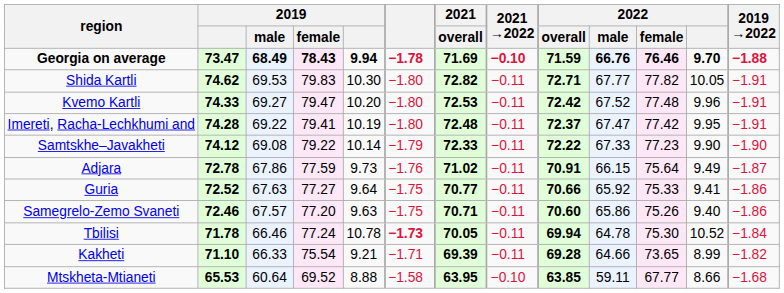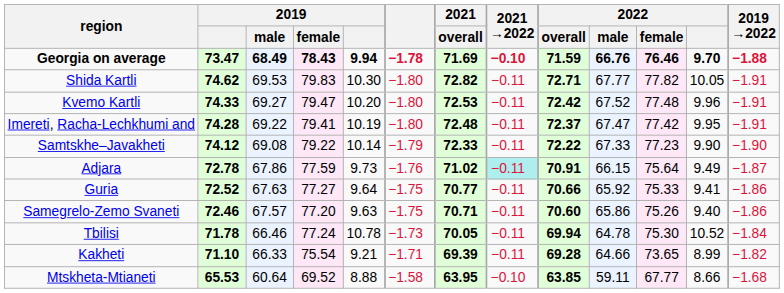 <table class="wikitable sortable mw-datatable static-row-numbers sort-under col1left col6right col8right col13right" style="text-align:center;">
 <tr>
 <th rowspan=2 style="vertical-align:middle;">region</th>
 <th colspan=4>2019</th>
 <th rowspan=2 style="vertical-align:middle;border-left-width:2px;"></th>
 <th style="border-left-width:2px;">2021</th>
 <th rowspan=2 style="vertical-align:middle;border-left-width:2px;">2021<br>→2022</th>
 <th colspan=4 style="border-left-width:2px;">2022</th>
 <th rowspan=2 style="vertical-align:middle;border-left-width:2px;">2019<br>→2022</th>
 </tr>
 <tr>
 <th style="vertical-align:middle;min-width:3em;"></th>
 <th style="vertical-align:middle;min-width:3em;">male</th>
 <th style="vertical-align:middle;min-width:3em;">female</th>
 <th></th>
 <th style="vertical-align:middle;min-width:3em;border-left-width:2px;">overall</th>
 <th style="vertical-align:middle;min-width:3em;border-left-width:2px;">overall</th>
 <th style="vertical-align:middle;min-width:3em;">male</th>
 <th style="vertical-align:middle;min-width:3em;">female</th>
 <th></th>
 </tr>
 <tr class=static-row-header>
 <td><strong>Georgia on average</strong></td>
 <td style="background:#e0ffd8;"><strong>73.47</strong></td>
 <td style="background:#eaf3ff;"><strong>68.49</strong></td>
 <td style="background:#fee7f6;"><strong>78.43</strong></td>
 <td><strong>9.94</strong></td>
 <td style="padding-right:1.5ex;color:crimson;border-left-width:2px;"><strong>−1.78</strong></td>
 <td style="background:#e0ffd8;border-left-width:2px;"><strong>71.69</strong></td>
 <td style="padding-right:1.5ex;color:crimson;border-left-width:2px;"><strong>−0.10</strong></td>
 <td style="background:#e0ffd8;border-left-width:2px;"><strong>71.59</strong></td>
 <td style="background:#eaf3ff;"><strong>66.76</strong></td>
 <td style="background:#fee7f6;"><strong>76.46</strong></td>
 <td><strong>9.70</strong></td>
 <td style="padding-right:1.5ex;color:crimson;border-left-width:2px;"><strong>−1.88</strong></td>
 </tr>
 <tr>
 <td><a href='#'>Shida Kartli</a></td>
 <td style="background:#e0ffd8;"><strong>74.62</strong></td>
 <td style="background:#eaf3ff;">69.53</td>
 <td style="background:#fee7f6;">79.83</td>
 <td>10.30</td>
 <td style="padding-right:1.5ex;color:crimson;border-left-width:2px;">−1.80</td>
 <td style="background:#e0ffd8;border-left-width:2px;"><strong>72.82</strong></td>
 <td style="padding-right:1.5ex;color:crimson;border-left-width:2px;">−0.11</td>
 <td style="background:#e0ffd8;border-left-width:2px;"><strong>72.71</strong></td>
 <td style="background:#eaf3ff;">67.77</td>
 <td style="background:#fee7f6;">77.82</td>
 <td>10.05</td>
 <td style="padding-right:1.5ex;color:crimson;border-left-width:2px;">−1.91</td>
 </tr>
 <tr>
 <td><a href='#'>Kvemo Kartli</a></td>
 <td style="background:#e0ffd8;"><strong>74.33</strong></td>
 <td style="background:#eaf3ff;">69.27</td>
 <td style="background:#fee7f6;">79.47</td>
 <td>10.20</td>
 <td style="padding-right:1.5ex;color:crimson;border-left-width:2px;">−1.80</td>
 <td style="background:#e0ffd8;border-left-width:2px;"><strong>72.53</strong></td>
 <td style="padding-right:1.5ex;color:crimson;border-left-width:2px;">−0.11</td>
 <td style="background:#e0ffd8;border-left-width:2px;"><strong>72.42</strong></td>
 <td style="background:#eaf3ff;">67.52</td>
 <td style="background:#fee7f6;">77.48</td>
 <td>9.96</td>
 <td style="padding-right:1.5ex;color:crimson;border-left-width:2px;">−1.91</td>
 </tr>
 <tr>
 <td><a href='#'>Imereti</a>, <a href='#'>Racha-Lechkhumi and </a></td>
 <td style="background:#e0ffd8;"><strong>74.28</strong></td>
 <td style="background:#eaf3ff;">69.22</td>
 <td style="background:#fee7f6;">79.41</td>
 <td>10.19</td>
 <td style="padding-right:1.5ex;color:crimson;border-left-width:2px;">−1.80</td>
 <td style="background:#e0ffd8;border-left-width:2px;"><strong>72.48</strong></td>
 <td style="padding-right:1.5ex;color:crimson;border-left-width:2px;">−0.11</td>
 <td style="background:#e0ffd8;border-left-width:2px;"><strong>72.37</strong></td>
 <td style="background:#eaf3ff;">67.47</td>
 <td style="background:#fee7f6;">77.42</td>
 <td>9.95</td>
 <td style="padding-right:1.5ex;color:crimson;border-left-width:2px;">−1.91</td>
 </tr>
 <tr>
 <td><a href='#'>Samtskhe–Javakheti</a></td>
 <td style="background:#e0ffd8;"><strong>74.12</strong></td>
 <td style="background:#eaf3ff;">69.08</td>
 <td style="background:#fee7f6;">79.22</td>
 <td>10.14</td>
 <td style="padding-right:1.5ex;color:crimson;border-left-width:2px;">−1.79</td>
 <td style="background:#e0ffd8;border-left-width:2px;"><strong>72.33</strong></td>
 <td style="padding-right:1.5ex;color:crimson;border-left-width:2px;">−0.11</td>
 <td style="background:#e0ffd8;border-left-width:2px;"><strong>72.22</strong></td>
 <td style="background:#eaf3ff;">67.33</td>
 <td style="background:#fee7f6;">77.23</td>
 <td>9.90</td>
 <td style="padding-right:1.5ex;color:crimson;border-left-width:2px;">−1.90</td>
 </tr>
 <tr>
 <td><a href='#'>Adjara</a></td>
 <td style="background:#e0ffd8;"><strong>72.78</strong></td>
 <td style="background:#eaf3ff;">67.86</td>
 <td style="background:#fee7f6;">77.59</td>
 <td>9.73</td>
 <td style="padding-right:1.5ex;color:crimson;border-left-width:2px;">−1.76</td>
 <td style="background:#e0ffd8;border-left-width:2px;"><strong>71.02</strong></td>
-<td style="padding-right:1.5ex;color:crimson;border-left-width:2px;">−0.11</td>
+<td style="background: paleturquoise; padding-right:1.5ex;color:crimson;border-left-width:2px;">−0.11</td>
 <td style="background:#e0ffd8;border-left-width:2px;"><strong>70.91</strong></td>
 <td style="background:#eaf3ff;">66.15</td>
 <td style="background:#fee7f6;">75.64</td>
 <td>9.49</td>
 <td style="padding-right:1.5ex;color:crimson;border-left-width:2px;">−1.87</td>
 </tr>
 <tr>
 <td><a href='#'>Guria</a></td>
 <td style="background:#e0ffd8;"><strong>72.52</strong></td>
 <td style="background:#eaf3ff;">67.63</td>
 <td style="background:#fee7f6;">77.27</td>
 <td>9.64</td>
 <td style="padding-right:1.5ex;color:crimson;border-left-width:2px;">−1.75</td>
 <td style="background:#e0ffd8;border-left-width:2px;"><strong>70.77</strong></td>
 <td style="padding-right:1.5ex;color:crimson;border-left-width:2px;">−0.11</td>
 <td style="background:#e0ffd8;border-left-width:2px;"><strong>70.66</strong></td>
 <td style="background:#eaf3ff;">65.92</td>
 <td style="background:#fee7f6;">75.33</td>
 <td>9.41</td>
 <td style="padding-right:1.5ex;color:crimson;border-left-width:2px;">−1.86</td>
 </tr>
 <tr>
 <td><a href='#'>Samegrelo-Zemo Svaneti</a></td>
 <td style="background:#e0ffd8;"><strong>72.46</strong></td>
 <td style="background:#eaf3ff;">67.57</td>
 <td style="background:#fee7f6;">77.20</td>
 <td>9.63</td>
 <td style="padding-right:1.5ex;color:crimson;border-left-width:2px;">−1.75</td>
 <td style="background:#e0ffd8;border-left-width:2px;"><strong>70.71</strong></td>
 <td style="padding-right:1.5ex;color:crimson;border-left-width:2px;">−0.11</td>
 <td style="background:#e0ffd8;border-left-width:2px;"><strong>70.60</strong></td>
 <td style="background:#eaf3ff;">65.86</td>
 <td style="background:#fee7f6;">75.26</td>
 <td>9.40</td>
 <td style="padding-right:1.5ex;color:crimson;border-left-width:2px;">−1.86</td>
 </tr>
 <tr>
 <td><a href='#'>Tbilisi</a></td>
 <td style="background:#e0ffd8;"><strong>71.78</strong></td>
 <td style="background:#eaf3ff;">66.46</td>
 <td style="background:#fee7f6;">77.24</td>
 <td>10.78</td>
-<td style="padding-right:1.5ex;color:crimson;border-left-width:2px;"><strong>−1.73</strong></td>
+<td style="padding-right:1.5ex;color:crimson;border-left-width:2px;">−1.73</td>
 <td style="background:#e0ffd8;border-left-width:2px;"><strong>70.05</strong></td>
 <td style="padding-right:1.5ex;color:crimson;border-left-width:2px;">−0.11</td>
 <td style="background:#e0ffd8;border-left-width:2px;"><strong>69.94</strong></td>
 <td style="background:#eaf3ff;">64.78</td>
 <td style="background:#fee7f6;">75.30</td>
 <td>10.52</td>
 <td style="padding-right:1.5ex;color:crimson;border-left-width:2px;">−1.84</td>
 </tr>
 <tr>
 <td><a href='#'>Kakheti</a></td>
 <td style="background:#e0ffd8;"><strong>71.10</strong></td>
 <td style="background:#eaf3ff;">66.33</td>
 <td style="background:#fee7f6;">75.54</td>
 <td>9.21</td>
 <td style="padding-right:1.5ex;color:crimson;border-left-width:2px;">−1.71</td>
 <td style="background:#e0ffd8;border-left-width:2px;"><strong>69.39</strong></td>
 <td style="padding-right:1.5ex;color:crimson;border-left-width:2px;">−0.11</td>
 <td style="background:#e0ffd8;border-left-width:2px;"><strong>69.28</strong></td>
 <td style="background:#eaf3ff;">64.66</td>
 <td style="background:#fee7f6;">73.65</td>
 <td>8.99</td>
 <td style="padding-right:1.5ex;color:crimson;border-left-width:2px;">−1.82</td>
 </tr>
 <tr>
 <td><a href='#'>Mtskheta-Mtianeti</a></td>
 <td style="background:#e0ffd8;"><strong>65.53</strong></td>
 <td style="background:#eaf3ff;">60.64</td>
 <td style="background:#fee7f6;">69.52</td>
 <td>8.88</td>
 <td style="padding-right:1.5ex;color:crimson;border-left-width:2px;">−1.58</td>
 <td style="background:#e0ffd8;border-left-width:2px;"><strong>63.95</strong></td>
 <td style="padding-right:1.5ex;color:crimson;border-left-width:2px;">−0.10</td>
 <td style="background:#e0ffd8;border-left-width:2px;"><strong>63.85</strong></td>
 <td style="background:#eaf3ff;">59.11</td>
 <td style="background:#fee7f6;">67.77</td>
 <td>8.66</td>
 <td style="padding-right:1.5ex;color:crimson;border-left-width:2px;">−1.68</td>
 </tr>
 </table>
